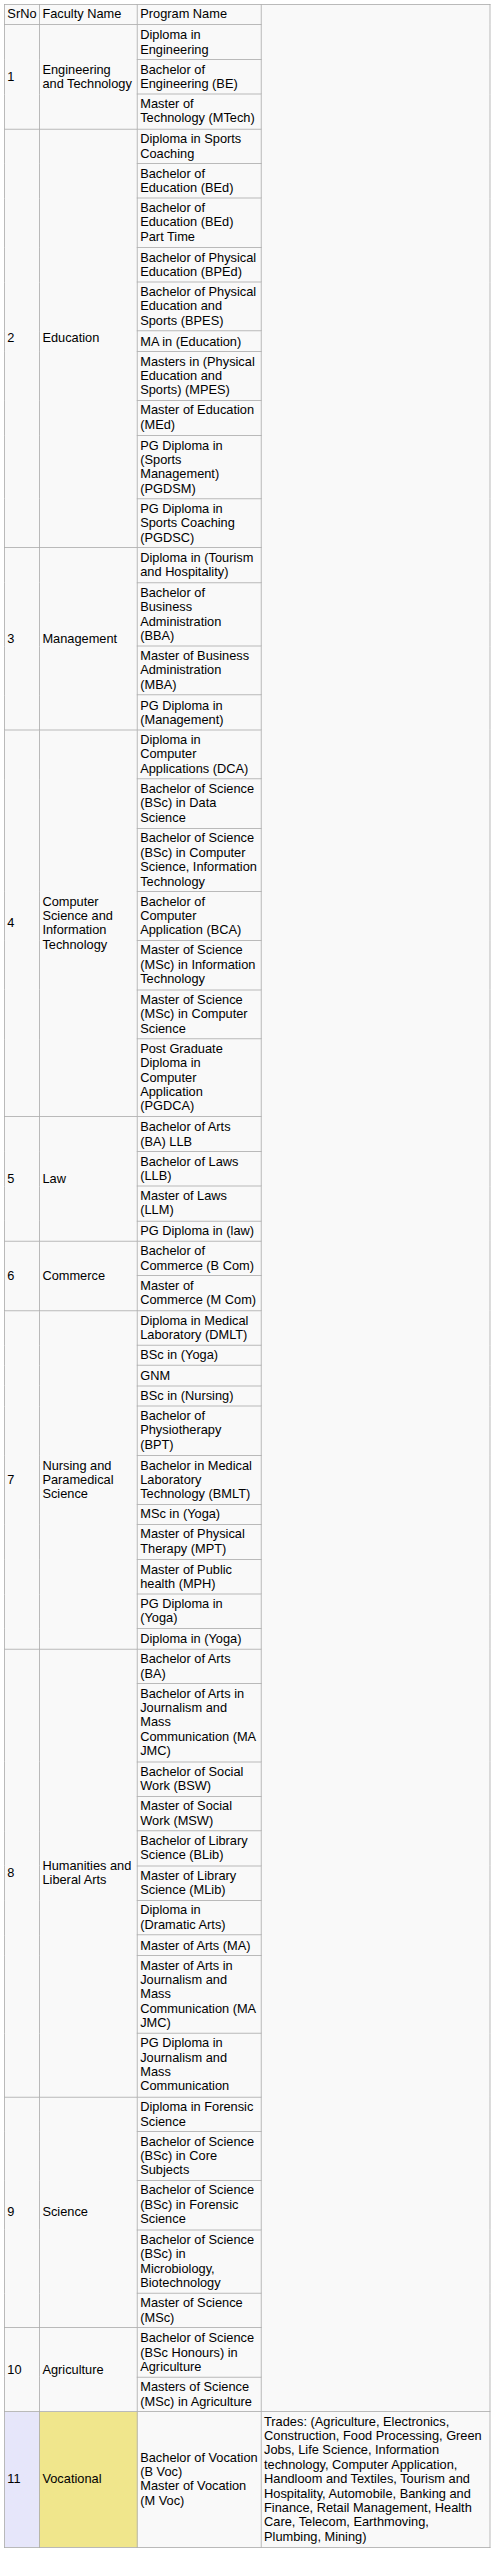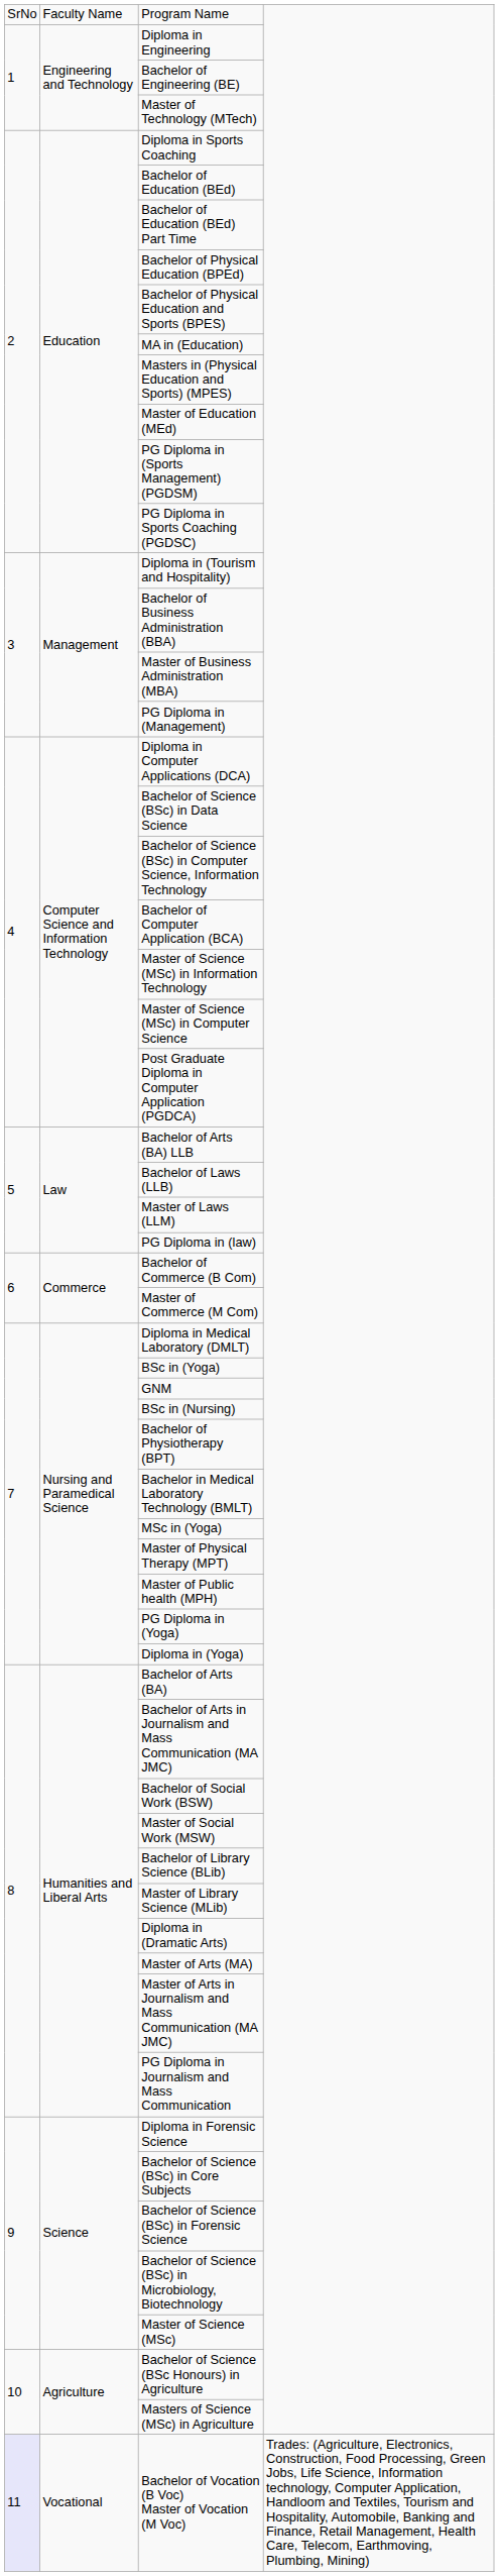 <table class="wikitable">
 <tr>
 <td>SrNo</td>
 <td>Faculty Name</td>
 <td>Program Name</td>
 </tr>
 <tr>
 <td colspan="1" rowspan="3">1</td>
 <td colspan="1" rowspan="3">Engineering and Technology</td>
 <td>Diploma in Engineering</td>
 </tr>
 <tr>
 <td>Bachelor of Engineering (BE)</td>
 </tr>
 <tr>
 <td>Master of Technology (MTech)</td>
 </tr>
 <tr>
 <td colspan="1" rowspan="10">2</td>
 <td colspan="1" rowspan="10">Education</td>
 <td>Diploma in Sports Coaching</td>
 </tr>
 <tr>
 <td>Bachelor of Education (BEd)</td>
 </tr>
 <tr>
 <td>Bachelor of Education (BEd) Part Time</td>
 </tr>
 <tr>
 <td>Bachelor of Physical Education (BPEd)</td>
 </tr>
 <tr>
 <td>Bachelor of Physical Education and Sports (BPES)</td>
 </tr>
 <tr>
 <td>MA in (Education)</td>
 </tr>
 <tr>
 <td>Masters in (Physical Education and Sports) (MPES)</td>
 </tr>
 <tr>
 <td>Master of Education (MEd)</td>
 </tr>
 <tr>
 <td>PG Diploma in (Sports Management) (PGDSM)</td>
 </tr>
 <tr>
 <td>PG Diploma in Sports Coaching (PGDSC)</td>
 </tr>
 <tr>
 <td colspan="1" rowspan="4">3</td>
 <td colspan="1" rowspan="4">Management</td>
 <td>Diploma in (Tourism and Hospitality)</td>
 </tr>
 <tr>
 <td>Bachelor of Business Administration (BBA)</td>
 </tr>
 <tr>
 <td>Master of Business Administration (MBA)</td>
 </tr>
 <tr>
 <td>PG Diploma in (Management)</td>
 </tr>
 <tr>
 <td colspan="1" rowspan="7">4</td>
 <td colspan="1" rowspan="7">Computer Science and Information Technology</td>
 <td>Diploma in Computer Applications (DCA)</td>
 </tr>
 <tr>
 <td>Bachelor of Science (BSc) in Data Science</td>
 </tr>
 <tr>
 <td>Bachelor of Science (BSc) in Computer Science, Information Technology</td>
 </tr>
 <tr>
 <td>Bachelor of Computer Application (BCA)</td>
 </tr>
 <tr>
 <td>Master of Science (MSc) in Information Technology</td>
 </tr>
 <tr>
 <td>Master of Science (MSc) in Computer Science</td>
 </tr>
 <tr>
 <td>Post Graduate Diploma in Computer Application (PGDCA)</td>
 </tr>
 <tr>
 <td colspan="1" rowspan="4">5</td>
 <td colspan="1" rowspan="4">Law</td>
 <td>Bachelor of Arts (BA) LLB</td>
 </tr>
 <tr>
 <td>Bachelor of Laws (LLB)</td>
 </tr>
 <tr>
 <td>Master of Laws (LLM)</td>
 </tr>
 <tr>
 <td>PG Diploma in (law)</td>
 </tr>
 <tr>
 <td colspan="1" rowspan="2">6</td>
 <td colspan="1" rowspan="2">Commerce</td>
 <td>Bachelor of Commerce (B Com)</td>
 </tr>
 <tr>
 <td>Master of Commerce (M Com)</td>
 </tr>
 <tr>
 <td colspan="1" rowspan="11">7</td>
 <td colspan="1" rowspan="11">Nursing and Paramedical Science</td>
 <td>Diploma in Medical Laboratory (DMLT)</td>
 </tr>
 <tr>
 <td>BSc in (Yoga)</td>
 </tr>
 <tr>
 <td>GNM</td>
 </tr>
 <tr>
 <td>BSc in (Nursing)</td>
 </tr>
 <tr>
 <td>Bachelor of Physiotherapy (BPT)</td>
 </tr>
 <tr>
 <td>Bachelor in Medical Laboratory Technology (BMLT)</td>
 </tr>
 <tr>
 <td>MSc in (Yoga)</td>
 </tr>
 <tr>
 <td>Master of Physical Therapy (MPT)</td>
 </tr>
 <tr>
 <td>Master of Public health (MPH)</td>
 </tr>
 <tr>
 <td>PG Diploma in (Yoga)</td>
 </tr>
 <tr>
 <td>Diploma in (Yoga)</td>
 </tr>
 <tr>
 <td colspan="1" rowspan="10">8</td>
 <td colspan="1" rowspan="10">Humanities and Liberal Arts</td>
 <td>Bachelor of Arts (BA)</td>
 </tr>
 <tr>
 <td>Bachelor of Arts in Journalism and Mass Communication (MA JMC)</td>
 </tr>
 <tr>
 <td>Bachelor of Social Work (BSW)</td>
 </tr>
 <tr>
 <td>Master of Social Work (MSW)</td>
 </tr>
 <tr>
 <td>Bachelor of Library Science (BLib)</td>
 </tr>
 <tr>
 <td>Master of Library Science (MLib)</td>
 </tr>
 <tr>
 <td>Diploma in (Dramatic Arts)</td>
 </tr>
 <tr>
 <td>Master of Arts (MA)</td>
 </tr>
 <tr>
 <td>Master of Arts in Journalism and Mass Communication (MA JMC)</td>
 </tr>
 <tr>
 <td>PG Diploma in Journalism and Mass Communication</td>
 </tr>
 <tr>
 <td colspan="1" rowspan="5">9</td>
 <td colspan="1" rowspan="5">Science</td>
 <td>Diploma in Forensic Science</td>
 </tr>
 <tr>
 <td>Bachelor of Science (BSc) in Core Subjects</td>
 </tr>
 <tr>
 <td>Bachelor of Science (BSc) in Forensic Science</td>
 </tr>
 <tr>
 <td>Bachelor of Science (BSc) in Microbiology, Biotechnology</td>
 </tr>
 <tr>
 <td>Master of Science (MSc)</td>
 </tr>
 <tr>
 <td colspan="1" rowspan="2">10</td>
 <td colspan="1" rowspan="2">Agriculture</td>
 <td>Bachelor of Science (BSc Honours) in Agriculture</td>
 </tr>
 <tr>
 <td>Masters of Science (MSc) in Agriculture</td>
 </tr>
 <tr>
 <td style="background: lavender;">11</td>
-<td style="background: khaki;">Vocational</td>
+<td>Vocational</td>
 <td>Bachelor of Vocation (B Voc)<br>Master of Vocation (M Voc)</td>
 <td>Trades: (Agriculture, Electronics, Construction, Food Processing, Green Jobs, Life Science, Information technology, Computer Application, Handloom and Textiles, Tourism and Hospitality, Automobile, Banking and Finance, Retail Management, Health Care, Telecom, Earthmoving, Plumbing, Mining)</td>
 </tr>
 </table>
